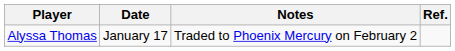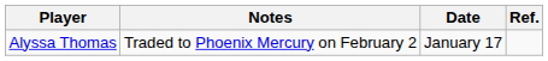 <table class="wikitable sortable sortable" style="text-align: center">
 <tr>
 <th>Player</th>
+<th>Notes</th>
 <th>Date</th>
-<th>Notes</th>
 <th>Ref.</th>
 </tr>
 <tr>
 <td><a href='#'>Alyssa Thomas</a></td>
+<td>Traded to <a href='#'>Phoenix Mercury</a> on February 2</td>
 <td>January 17</td>
-<td>Traded to <a href='#'>Phoenix Mercury</a> on February 2</td>
 <td></td>
 </tr>
 </table>
